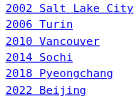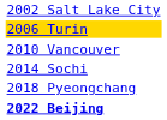 <table>
 <tr style="vertical-align:top">
 <td><a href='#'>2002 Salt Lake City</a><br></td>
 <td></td>
 <td></td>
 <td></td>
 </tr>
 <tr>
-<td><a href='#'>2006 Turin</a><br></td>
+<td style="background: gold;"><a href='#'>2006 Turin</a><br></td>
 <td></td>
 <td></td>
 <td></td>
 </tr>
 <tr>
 <td><a href='#'>2010 Vancouver</a><br></td>
 <td></td>
 <td></td>
 <td></td>
 </tr>
 <tr>
 <td><a href='#'>2014 Sochi</a><br></td>
 <td></td>
 <td></td>
 <td></td>
 </tr>
 <tr>
 <td><a href='#'>2018 Pyeongchang</a><br></td>
 <td></td>
 <td></td>
 <td></td>
 </tr>
 <tr>
-<td><a href='#'>2022 Beijing</a> <br></td>
+<td><strong><a href='#'>2022 Beijing</a> <br></strong></td>
 <td></td>
 <td></td>
 <td></td>
 </tr>
 <tr>
 </tr>
 </table>
